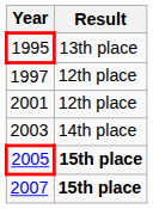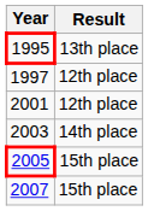 <table class="wikitable">
 <tr>
 <th>Year</th>
 <th>Result</th>
 </tr>
 <tr>
 <td style="border: 3px solid red"> 1995</td>
 <td>13th place</td>
 </tr>
 <tr>
 <td> 1997</td>
 <td>12th place</td>
 </tr>
 <tr>
 <td> 2001</td>
 <td>12th place</td>
 </tr>
 <tr>
 <td> 2003</td>
 <td>14th place</td>
 </tr>
 <tr>
 <td style="border: 3px solid red"> <a href='#'>2005</a></td>
-<td><strong>15th place</strong></td>
+<td>15th place</td>
 </tr>
 <tr>
 <td> <a href='#'>2007</a></td>
-<td><strong>15th place</strong></td>
+<td>15th place</td>
 </tr>
 </table>
